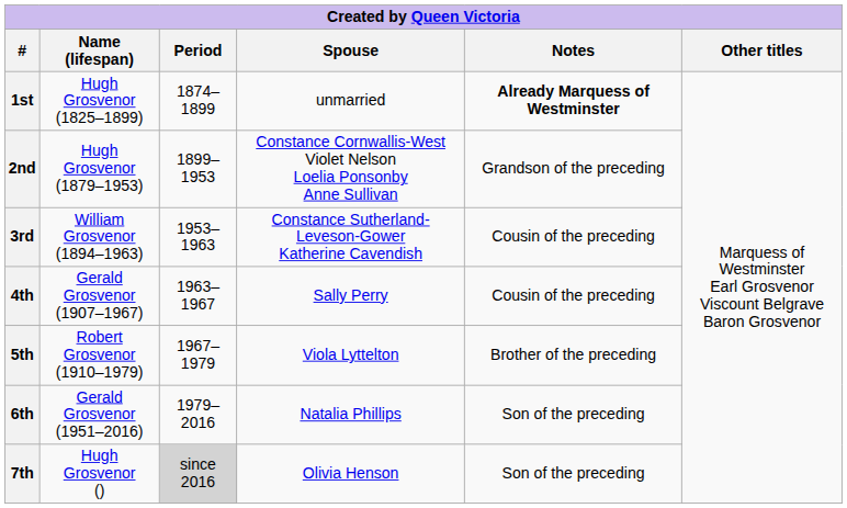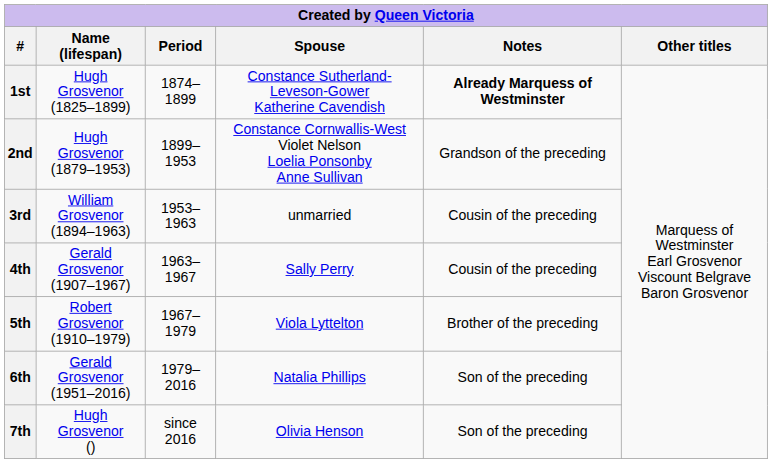 <table class="wikitable" style="text-align:center">
 <tr>
 <th colspan=6 style="background-color: #cbe">Created by <a href='#'>Queen Victoria</a></th>
 </tr>
 <tr>
 <th>#</th>
 <th>Name<br>(lifespan)</th>
 <th>Period</th>
 <th>Spouse</th>
 <th>Notes</th>
 <th>Other titles</th>
 </tr>
 <tr>
 <th>1st</th>
 <td><a href='#'>Hugh Grosvenor</a><br>(1825–1899)</td>
 <td>1874–1899</td>
-<td>unmarried</td>
+<td><a href='#'>Constance Sutherland-Leveson-Gower</a><br><a href='#'>Katherine Cavendish</a></td>
 <td><strong>Already Marquess of Westminster</strong></td>
 <td rowspan=7>Marquess of Westminster<br>Earl Grosvenor<br>Viscount Belgrave<br>Baron Grosvenor</td>
 </tr>
 <tr>
 <th>2nd</th>
 <td><a href='#'>Hugh Grosvenor</a><br>(1879–1953)</td>
 <td>1899–1953</td>
 <td><a href='#'>Constance Cornwallis-West</a><br>Violet Nelson<br><a href='#'>Loelia Ponsonby</a><br><a href='#'>Anne Sullivan</a></td>
 <td>Grandson of the preceding</td>
 </tr>
 <tr>
 <th>3rd</th>
 <td><a href='#'>William Grosvenor</a><br>(1894–1963)</td>
 <td>1953–1963</td>
-<td><a href='#'>Constance Sutherland-Leveson-Gower</a><br><a href='#'>Katherine Cavendish</a></td>
+<td>unmarried</td>
 <td>Cousin of the preceding</td>
 </tr>
 <tr>
 <th>4th</th>
 <td><a href='#'>Gerald Grosvenor</a><br>(1907–1967)</td>
 <td>1963–1967</td>
 <td><a href='#'>Sally Perry</a></td>
 <td>Cousin of the preceding</td>
 </tr>
 <tr>
 <th>5th</th>
 <td><a href='#'>Robert Grosvenor</a><br>(1910–1979)</td>
 <td>1967–1979</td>
 <td><a href='#'>Viola Lyttelton</a></td>
 <td>Brother of the preceding</td>
 </tr>
 <tr>
 <th>6th</th>
 <td><a href='#'>Gerald Grosvenor</a><br>(1951–2016)</td>
 <td>1979–2016</td>
 <td><a href='#'>Natalia Phillips</a></td>
 <td>Son of the preceding</td>
 </tr>
 <tr>
 <th>7th</th>
 <td><a href='#'>Hugh Grosvenor</a><br>()</td>
-<td style="background: lightgrey;">since 2016</td>
+<td>since 2016</td>
 <td><a href='#'>Olivia Henson</a></td>
 <td>Son of the preceding</td>
 </tr>
 </table>
